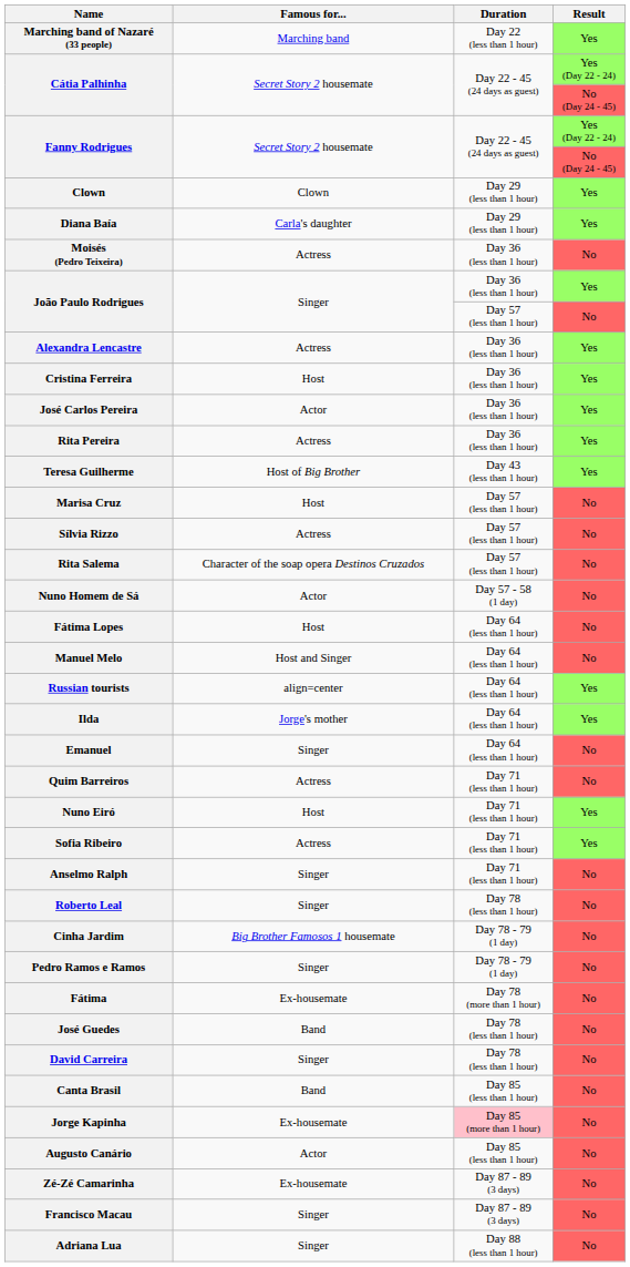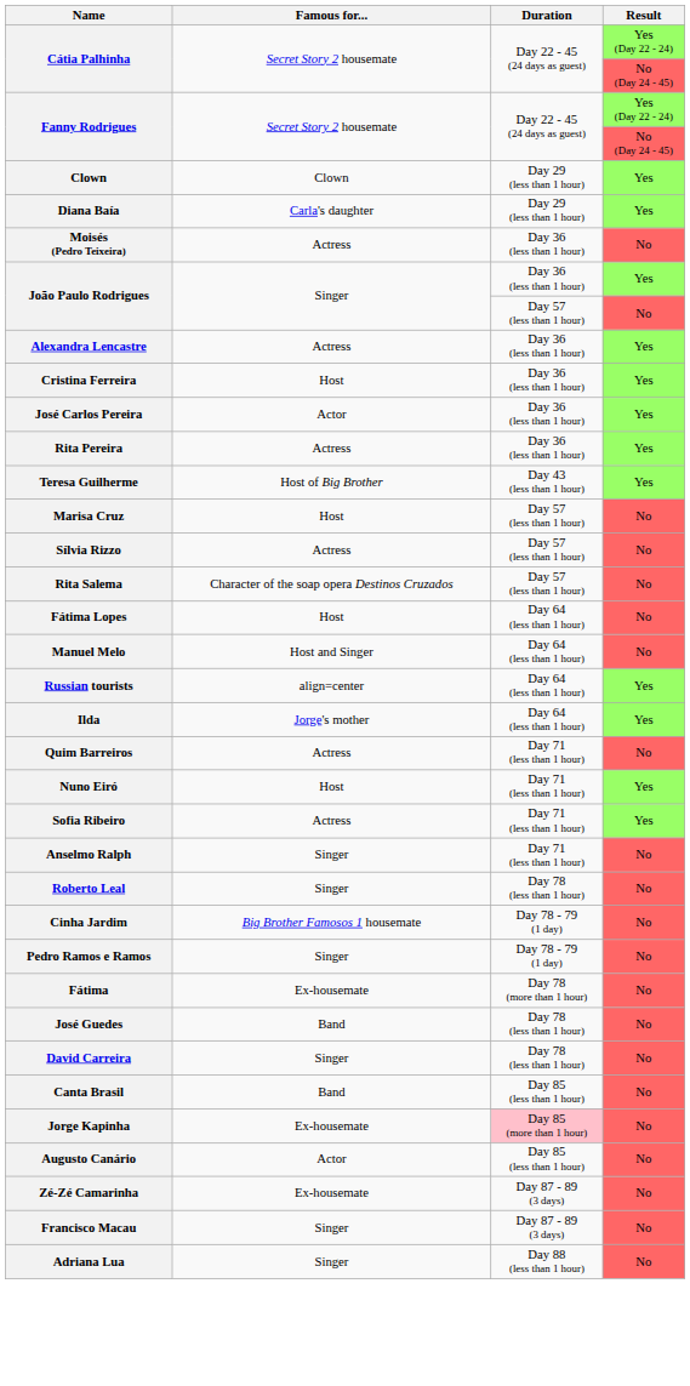 <table class="wikitable" style="text-align:center; width:60%; font-size:90%; line-height:15px">
 <tr>
 <th>Name</th>
 <th>Famous for...</th>
 <th>Duration</th>
 <th>Result</th>
-</tr>
-<tr>
-<th>Marching band of Nazaré<br><small>(33 people)</small></th>
-<td><a href='#'>Marching band</a></td>
-<td>Day 22<br><small>(less than 1 hour)</small></td>
-<td bgcolor="#99FF66">Yes</td>
 </tr>
 <tr>
 <th rowspan="2"><a href='#'>Cátia Palhinha</a></th>
 <td rowspan=2 align=center><a href='#'><em>Secret Story 2</em></a> housemate</td>
 <td rowspan=2>Day 22 - 45<br><small>(24 days as guest)</small></td>
 <td bgcolor="#99FF66">Yes<br><small>(Day 22 - 24)</small></td>
 </tr>
 <tr>
 <td bgcolor="#FF6666">No<br><small>(Day 24 - 45)</small></td>
 </tr>
 <tr>
 <th rowspan="2"><a href='#'>Fanny Rodrigues</a></th>
 <td rowspan=2><a href='#'><em>Secret Story 2</em></a> housemate</td>
 <td rowspan=2>Day 22 - 45<br><small>(24 days as guest)</small></td>
 <td bgcolor="#99FF66">Yes<br><small>(Day 22 - 24)</small></td>
 </tr>
 <tr>
 <td bgcolor="#FF6666">No<br><small>(Day 24 - 45)</small></td>
 </tr>
 <tr>
 <th>Clown</th>
 <td>Clown</td>
 <td>Day 29<br><small>(less than 1 hour)</small></td>
 <td bgcolor="#99FF66">Yes</td>
 </tr>
 <tr>
 <th>Diana Baía</th>
 <td><a href='#'>Carla</a>'s daughter</td>
 <td>Day 29<br><small>(less than 1 hour)</small></td>
 <td bgcolor="#99FF66">Yes</td>
 </tr>
 <tr>
 <th>Moisés<br><small>(Pedro Teixeira)</small></th>
 <td>Actress</td>
 <td>Day 36<br><small>(less than 1 hour)</small></td>
 <td bgcolor="#FF6666">No</td>
 </tr>
 <tr>
 <th rowspan="2">João Paulo Rodrigues</th>
 <td align=center rowspan=2>Singer</td>
 <td>Day 36<br><small>(less than 1 hour)</small></td>
 <td bgcolor="#99FF66">Yes</td>
 </tr>
 <tr>
 <td>Day 57<br><small>(less than 1 hour)</small></td>
 <td bgcolor="#FF6666">No</td>
 </tr>
 <tr>
 <th><a href='#'>Alexandra Lencastre</a></th>
 <td>Actress</td>
 <td>Day 36<br><small>(less than 1 hour)</small></td>
 <td bgcolor="#99FF66">Yes</td>
 </tr>
 <tr>
 <th>Cristina Ferreira</th>
 <td>Host</td>
 <td>Day 36<br><small>(less than 1 hour)</small></td>
 <td bgcolor="#99FF66">Yes</td>
 </tr>
 <tr>
 <th>José Carlos Pereira</th>
 <td>Actor</td>
 <td>Day 36<br><small>(less than 1 hour)</small></td>
 <td bgcolor="#99FF66">Yes</td>
 </tr>
 <tr>
 <th>Rita Pereira</th>
 <td>Actress</td>
 <td>Day 36<br><small>(less than 1 hour)</small></td>
 <td bgcolor="#99FF66">Yes</td>
 </tr>
 <tr>
 <th>Teresa Guilherme</th>
 <td>Host of <em>Big Brother</em></td>
 <td>Day 43<br><small>(less than 1 hour)</small></td>
 <td bgcolor="#99FF66">Yes</td>
 </tr>
 <tr>
 <th>Marisa Cruz</th>
 <td>Host</td>
 <td>Day 57<br><small>(less than 1 hour)</small></td>
 <td bgcolor="#FF6666">No</td>
 </tr>
 <tr>
 <th>Sílvia Rizzo</th>
 <td>Actress</td>
 <td>Day 57<br><small>(less than 1 hour)</small></td>
 <td bgcolor="#FF6666">No</td>
 </tr>
 <tr>
 <th>Rita Salema</th>
 <td>Character of the soap opera <em>Destinos Cruzados</em></td>
 <td>Day 57<br><small>(less than 1 hour)</small></td>
 <td bgcolor="#FF6666">No</td>
 </tr>
 <tr>
-<th>Nuno Homem de Sá</th>
-<td>Actor</td>
-<td>Day 57 - 58<br><small>(1 day)</small></td>
-<td bgcolor="#FF6666">No</td>
-</tr>
-<tr>
 <th>Fátima Lopes</th>
 <td>Host</td>
 <td>Day 64<br><small>(less than 1 hour)</small></td>
 <td bgcolor="#FF6666">No</td>
 </tr>
 <tr>
 <th>Manuel Melo</th>
 <td>Host and Singer</td>
 <td>Day 64<br><small>(less than 1 hour)</small></td>
 <td bgcolor="#FF6666">No</td>
 </tr>
 <tr>
 <th><a href='#'>Russian</a> tourists</th>
 <td>align=center </td>
 <td>Day 64<br><small>(less than 1 hour)</small></td>
 <td bgcolor="#99FF66">Yes</td>
 </tr>
 <tr>
 <th>Ilda</th>
 <td><a href='#'>Jorge</a>'s mother</td>
 <td>Day 64<br><small>(less than 1 hour)</small></td>
 <td bgcolor="#99FF66">Yes</td>
-</tr>
-<tr>
-<th>Emanuel</th>
-<td>Singer</td>
-<td>Day 64<br><small>(less than 1 hour)</small></td>
-<td bgcolor="#FF6666">No</td>
 </tr>
 <tr>
 <th>Quim Barreiros</th>
 <td>Actress</td>
 <td>Day 71<br><small>(less than 1 hour)</small></td>
 <td bgcolor="#FF6666">No</td>
 </tr>
 <tr>
 <th>Nuno Eiró</th>
 <td>Host</td>
 <td>Day 71<br><small>(less than 1 hour)</small></td>
 <td bgcolor="#99FF66">Yes</td>
 </tr>
 <tr>
 <th>Sofia Ribeiro</th>
 <td>Actress</td>
 <td>Day 71<br><small>(less than 1 hour)</small></td>
 <td bgcolor="#99FF66">Yes</td>
 </tr>
 <tr>
 <th>Anselmo Ralph</th>
 <td>Singer</td>
 <td>Day 71<br><small>(less than 1 hour)</small></td>
 <td bgcolor="#FF6666">No</td>
 </tr>
 <tr>
 <th><a href='#'>Roberto Leal</a></th>
 <td>Singer</td>
 <td>Day 78<br><small>(less than 1 hour)</small></td>
 <td bgcolor="#FF6666">No</td>
 </tr>
 <tr>
 <th>Cinha Jardim</th>
 <td><a href='#'><em>Big Brother Famosos 1</em></a> housemate</td>
 <td>Day 78 - 79<br><small>(1 day)</small></td>
 <td bgcolor="#FF6666">No</td>
 </tr>
 <tr>
 <th>Pedro Ramos e Ramos</th>
 <td>Singer</td>
 <td>Day 78 - 79<br><small>(1 day)</small></td>
 <td bgcolor="#FF6666">No</td>
 </tr>
 <tr>
 <th>Fátima</th>
 <td>Ex-housemate</td>
 <td>Day 78<br><small>(more than 1 hour)</small></td>
 <td bgcolor="#FF6666">No</td>
 </tr>
 <tr>
 <th>José Guedes</th>
 <td>Band</td>
 <td>Day 78<br><small>(less than 1 hour)</small></td>
 <td bgcolor="#FF6666">No</td>
 </tr>
 <tr>
 <th><a href='#'>David Carreira</a></th>
 <td>Singer</td>
 <td>Day 78<br><small>(less than 1 hour)</small></td>
 <td bgcolor="#FF6666">No</td>
 </tr>
 <tr>
 <th>Canta Brasil</th>
 <td>Band</td>
 <td>Day 85<br><small>(less than 1 hour)</small></td>
 <td bgcolor="#FF6666">No</td>
 </tr>
 <tr>
 <th>Jorge Kapinha</th>
 <td>Ex-housemate</td>
 <td style="background: pink;">Day 85<br><small>(more than 1 hour)</small></td>
 <td bgcolor="#FF6666">No</td>
 </tr>
 <tr>
 <th>Augusto Canário</th>
 <td>Actor</td>
 <td>Day 85<br><small>(less than 1 hour)</small></td>
 <td bgcolor="#FF6666">No</td>
 </tr>
 <tr>
 <th>Zé-Zé Camarinha</th>
 <td>Ex-housemate</td>
 <td>Day 87 - 89<br><small>(3 days)</small></td>
 <td bgcolor="#FF6666">No</td>
 </tr>
 <tr>
 <th>Francisco Macau</th>
 <td>Singer</td>
 <td>Day 87 - 89<br><small>(3 days)</small></td>
 <td bgcolor="#FF6666">No</td>
 </tr>
 <tr>
 <th>Adriana Lua</th>
 <td>Singer</td>
 <td>Day 88<br><small>(less than 1 hour)</small></td>
 <td bgcolor="#FF6666">No</td>
 </tr>
 </table>
